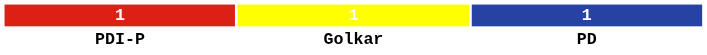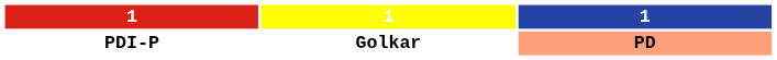 <table style="width:88%; text-align:center;">
 <tr style="color:white;">
 <td style="background:#DB2016; width:10%;"><strong>1</strong></td>
 <td style="background:#FFFF00; width:10%;"><strong>1</strong></td>
 <td style="background:#2643A3; width:10%;"><strong>1</strong></td>
 </tr>
 <tr>
 <td><span><strong>PDI-P</strong></span></td>
 <td><span><strong>Golkar</strong></span></td>
-<td><span><strong>PD</strong></span></td>
+<td style="background: lightsalmon;"><span><strong>PD</strong></span></td>
 </tr>
 </table>
